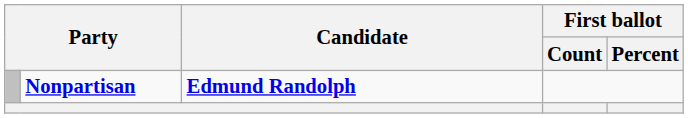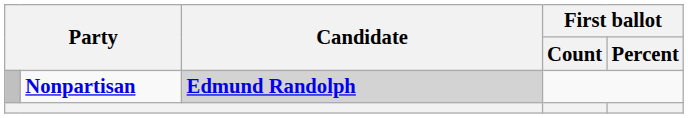 <table class=wikitable>
 <tr>
 <th colspan=2 rowspan=2 style="width: 130px">Party</th>
 <th rowspan=2 style="width: 17em">Candidate</th>
 <th colspan=2>First ballot</th>
 </tr>
 <tr>
 <th style="width: 2.5em">Count</th>
 <th style="width: 2.5em">Percent</th>
 </tr>
 <tr>
 <td style="background-color:#C0C0C0; width:5px;"></td>
 <td><strong><a href='#'>Nonpartisan</a></strong></td>
-<td><strong><a href='#'>Edmund Randolph</a></strong></td>
+<td style="background: lightgrey;"><strong><a href='#'>Edmund Randolph</a></strong></td>
 <td align=right colspan=2></td>
 </tr>
 <tr>
 <th colspan=3></th>
 <th></th>
 <th></th>
 </tr>
 </table>
